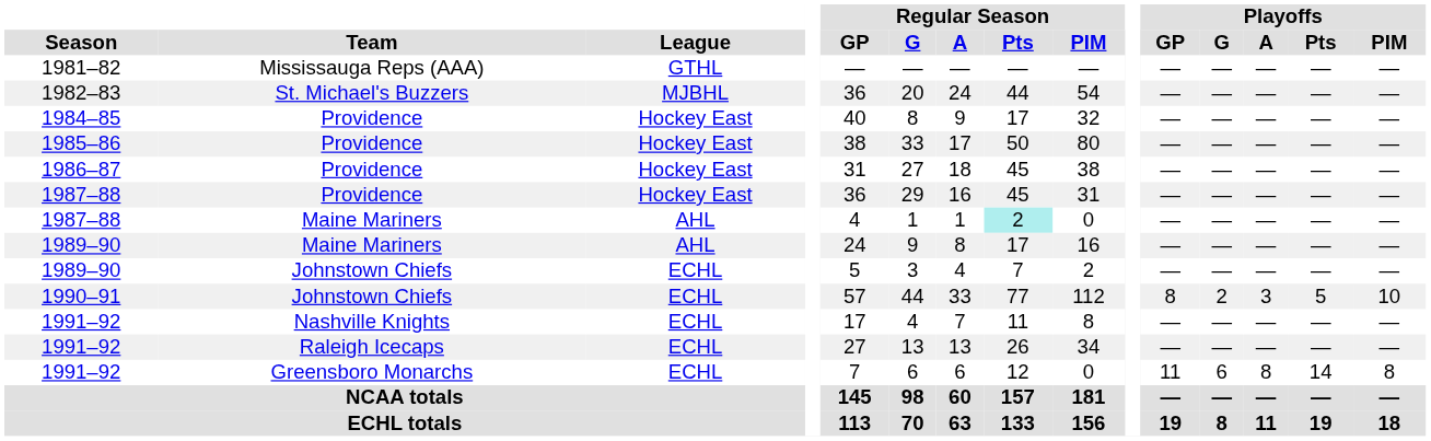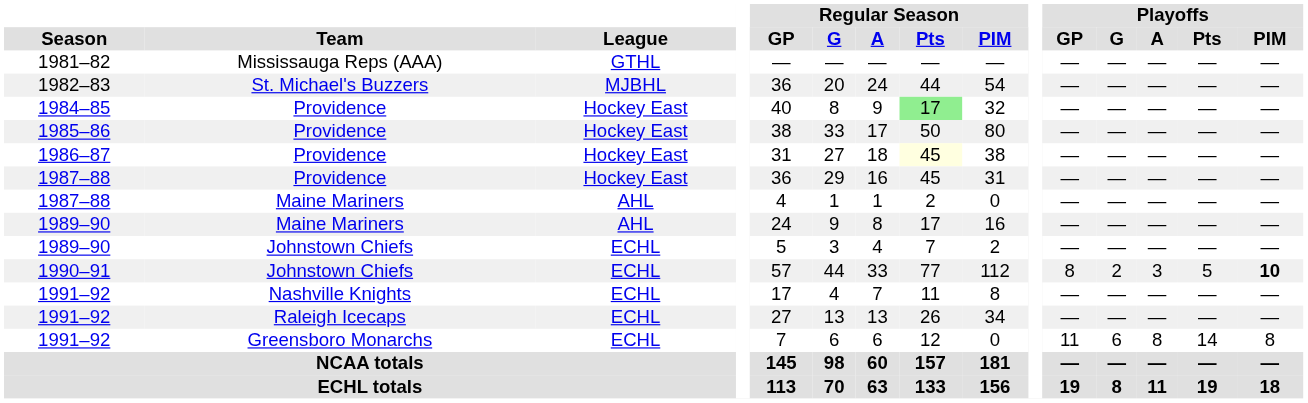 <table border="0" cellpadding="1" cellspacing="0" style="text-align:center; width:70em">
 <tr bgcolor="#e0e0e0">
 <th colspan="3"  bgcolor="#ffffff"> </th>
 <th rowspan="99" bgcolor="#ffffff"> </th>
 <th colspan="5">Regular Season</th>
 <th rowspan="99" bgcolor="#ffffff"> </th>
 <th colspan="5">Playoffs</th>
 </tr>
 <tr bgcolor="#e0e0e0">
 <th>Season</th>
 <th>Team</th>
 <th>League</th>
 <th>GP</th>
 <th><a href='#'>G</a></th>
 <th><a href='#'>A</a></th>
 <th><a href='#'>Pts</a></th>
 <th><a href='#'>PIM</a></th>
 <th>GP</th>
 <th>G</th>
 <th>A</th>
 <th>Pts</th>
 <th>PIM</th>
 </tr>
 <tr>
 <td>1981–82</td>
 <td>Mississauga Reps (AAA)</td>
 <td><a href='#'>GTHL</a></td>
 <td>—</td>
 <td>—</td>
 <td>—</td>
 <td>—</td>
 <td>—</td>
 <td>—</td>
 <td>—</td>
 <td>—</td>
 <td>—</td>
 <td>—</td>
 </tr>
 <tr bgcolor="f0f0f0">
 <td>1982–83</td>
 <td><a href='#'>St. Michael's Buzzers</a></td>
 <td><a href='#'>MJBHL</a></td>
 <td>36</td>
 <td>20</td>
 <td>24</td>
 <td>44</td>
 <td>54</td>
 <td>—</td>
 <td>—</td>
 <td>—</td>
 <td>—</td>
 <td>—</td>
 </tr>
 <tr>
 <td><a href='#'>1984–85</a></td>
 <td><a href='#'>Providence</a></td>
 <td><a href='#'>Hockey East</a></td>
 <td>40</td>
 <td>8</td>
 <td>9</td>
-<td>17</td>
+<td style="background: lightgreen;">17</td>
 <td>32</td>
 <td>—</td>
 <td>—</td>
 <td>—</td>
 <td>—</td>
 <td>—</td>
 </tr>
 <tr bgcolor="f0f0f0">
 <td><a href='#'>1985–86</a></td>
 <td><a href='#'>Providence</a></td>
 <td><a href='#'>Hockey East</a></td>
 <td>38</td>
 <td>33</td>
 <td>17</td>
 <td>50</td>
 <td>80</td>
 <td>—</td>
 <td>—</td>
 <td>—</td>
 <td>—</td>
 <td>—</td>
 </tr>
 <tr>
 <td><a href='#'>1986–87</a></td>
 <td><a href='#'>Providence</a></td>
 <td><a href='#'>Hockey East</a></td>
 <td>31</td>
 <td>27</td>
 <td>18</td>
-<td>45</td>
+<td style="background: lightyellow;">45</td>
 <td>38</td>
 <td>—</td>
 <td>—</td>
 <td>—</td>
 <td>—</td>
 <td>—</td>
 </tr>
 <tr bgcolor="f0f0f0">
 <td><a href='#'>1987–88</a></td>
 <td><a href='#'>Providence</a></td>
 <td><a href='#'>Hockey East</a></td>
 <td>36</td>
 <td>29</td>
 <td>16</td>
 <td>45</td>
 <td>31</td>
 <td>—</td>
 <td>—</td>
 <td>—</td>
 <td>—</td>
 <td>—</td>
 </tr>
 <tr>
 <td><a href='#'>1987–88</a></td>
 <td><a href='#'>Maine Mariners</a></td>
 <td><a href='#'>AHL</a></td>
 <td>4</td>
 <td>1</td>
 <td>1</td>
-<td style="background: paleturquoise;">2</td>
+<td>2</td>
 <td>0</td>
 <td>—</td>
 <td>—</td>
 <td>—</td>
 <td>—</td>
 <td>—</td>
 </tr>
 <tr bgcolor="f0f0f0">
 <td><a href='#'>1989–90</a></td>
 <td><a href='#'>Maine Mariners</a></td>
 <td><a href='#'>AHL</a></td>
 <td>24</td>
 <td>9</td>
 <td>8</td>
 <td>17</td>
 <td>16</td>
 <td>—</td>
 <td>—</td>
 <td>—</td>
 <td>—</td>
 <td>—</td>
 </tr>
 <tr>
 <td><a href='#'>1989–90</a></td>
 <td><a href='#'>Johnstown Chiefs</a></td>
 <td><a href='#'>ECHL</a></td>
 <td>5</td>
 <td>3</td>
 <td>4</td>
 <td>7</td>
 <td>2</td>
 <td>—</td>
 <td>—</td>
 <td>—</td>
 <td>—</td>
 <td>—</td>
 </tr>
 <tr bgcolor="f0f0f0">
 <td><a href='#'>1990–91</a></td>
 <td><a href='#'>Johnstown Chiefs</a></td>
 <td><a href='#'>ECHL</a></td>
 <td>57</td>
 <td>44</td>
 <td>33</td>
 <td>77</td>
 <td>112</td>
 <td>8</td>
 <td>2</td>
 <td>3</td>
 <td>5</td>
-<td>10</td>
+<td><strong>10</strong></td>
 </tr>
 <tr>
 <td><a href='#'>1991–92</a></td>
 <td><a href='#'>Nashville Knights</a></td>
 <td><a href='#'>ECHL</a></td>
 <td>17</td>
 <td>4</td>
 <td>7</td>
 <td>11</td>
 <td>8</td>
 <td>—</td>
 <td>—</td>
 <td>—</td>
 <td>—</td>
 <td>—</td>
 </tr>
 <tr bgcolor="f0f0f0">
 <td><a href='#'>1991–92</a></td>
 <td><a href='#'>Raleigh Icecaps</a></td>
 <td><a href='#'>ECHL</a></td>
 <td>27</td>
 <td>13</td>
 <td>13</td>
 <td>26</td>
 <td>34</td>
 <td>—</td>
 <td>—</td>
 <td>—</td>
 <td>—</td>
 <td>—</td>
 </tr>
 <tr>
 <td><a href='#'>1991–92</a></td>
 <td><a href='#'>Greensboro Monarchs</a></td>
 <td><a href='#'>ECHL</a></td>
 <td>7</td>
 <td>6</td>
 <td>6</td>
 <td>12</td>
 <td>0</td>
 <td>11</td>
 <td>6</td>
 <td>8</td>
 <td>14</td>
 <td>8</td>
 </tr>
 <tr bgcolor="#e0e0e0">
 <th colspan="3">NCAA totals</th>
 <th>145</th>
 <th>98</th>
 <th>60</th>
 <th>157</th>
 <th>181</th>
 <th>—</th>
 <th>—</th>
 <th>—</th>
 <th>—</th>
 <th>—</th>
 </tr>
 <tr bgcolor="#e0e0e0">
 <th colspan="3">ECHL totals</th>
 <th>113</th>
 <th>70</th>
 <th>63</th>
 <th>133</th>
 <th>156</th>
 <th>19</th>
 <th>8</th>
 <th>11</th>
 <th>19</th>
 <th>18</th>
 </tr>
 </table>
